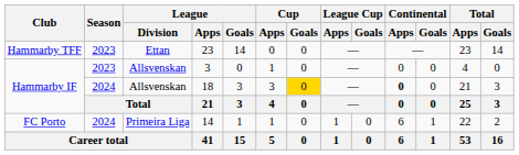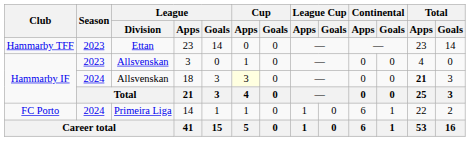 <table class="wikitable" style="text-align:center">
 <tr>
 <th rowspan="2">Club</th>
 <th rowspan="2">Season</th>
 <th colspan="3">League</th>
 <th colspan="2">Cup</th>
 <th colspan="2">League Cup</th>
 <th colspan="2">Continental</th>
 <th colspan="2">Total</th>
 </tr>
 <tr>
 <th>Division</th>
 <th>Apps</th>
 <th>Goals</th>
 <th>Apps</th>
 <th>Goals</th>
 <th>Apps</th>
 <th>Goals</th>
 <th>Apps</th>
 <th>Goals</th>
 <th>Apps</th>
 <th>Goals</th>
 </tr>
 <tr>
 <td><a href='#'>Hammarby TFF</a></td>
 <td><a href='#'>2023</a></td>
 <td><a href='#'>Ettan</a></td>
 <td>23</td>
 <td>14</td>
 <td>0</td>
 <td>0</td>
 <td colspan="2">—</td>
 <td colspan="2">—</td>
 <td>23</td>
 <td>14</td>
 </tr>
 <tr>
 <td rowspan="3"><a href='#'>Hammarby IF</a></td>
 <td><a href='#'>2023</a></td>
 <td><a href='#'>Allsvenskan</a></td>
 <td>3</td>
 <td>0</td>
 <td>1</td>
 <td>0</td>
 <td colspan="2">—</td>
 <td>0</td>
 <td>0</td>
 <td>4</td>
 <td>0</td>
 </tr>
 <tr>
 <td><a href='#'>2024</a></td>
 <td>Allsvenskan</td>
 <td>18</td>
 <td>3</td>
-<td>3</td>
-<td style="background: gold;">0</td>
+<td style="background: lightyellow;">3</td>
+<td>0</td>
 <td colspan="2">—</td>
-<td><strong>0</strong></td>
 <td>0</td>
-<td>21</td>
+<td>0</td>
+<td><strong>21</strong></td>
 <td>3</td>
 </tr>
 <tr>
 <th colspan="2">Total</th>
 <th>21</th>
 <th>3</th>
 <th>4</th>
 <th>0</th>
 <th colspan="2">—</th>
 <th>0</th>
 <th>0</th>
 <th>25</th>
 <th>3</th>
 </tr>
 <tr>
 <td><a href='#'>FC Porto</a></td>
 <td><a href='#'>2024</a></td>
 <td><a href='#'>Primeira Liga</a></td>
 <td>14</td>
 <td>1</td>
 <td>1</td>
 <td>0</td>
 <td>1</td>
 <td>0</td>
 <td>6</td>
 <td>1</td>
 <td>22</td>
 <td>2</td>
 </tr>
 <tr>
 <th colspan="3">Career total</th>
 <th>41</th>
 <th>15</th>
 <th>5</th>
 <th>0</th>
 <th>1</th>
 <th>0</th>
 <th>6</th>
 <th>1</th>
 <th>53</th>
 <th>16</th>
 </tr>
 </table>
